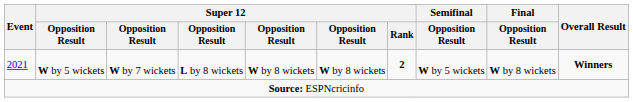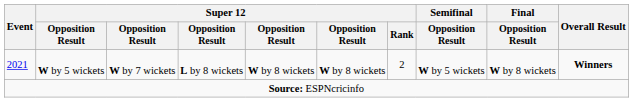 <table class=wikitable style=font-size:90%;text-align:center>
 <tr>
 <th rowspan=2>Event</th>
 <th colspan=6>Super 12</th>
 <th>Semifinal</th>
 <th>Final</th>
 <th rowspan=2>Overall Result</th>
 </tr>
 <tr style=font-size:95%>
 <th>Opposition<br>Result</th>
 <th>Opposition<br>Result</th>
 <th>Opposition<br>Result</th>
 <th>Opposition<br>Result</th>
 <th>Opposition<br>Result</th>
 <th>Rank</th>
 <th>Opposition<br>Result</th>
 <th>Opposition<br>Result</th>
 </tr>
 <tr>
 <td align=left><a href='#'>2021</a></td>
 <td><br><strong>W</strong> by 5 wickets</td>
 <td><br><strong>W</strong> by 7 wickets</td>
 <td><br><strong>L</strong> by 8 wickets</td>
 <td><br><strong>W</strong> by 8 wickets</td>
 <td><br><strong>W</strong> by 8 wickets</td>
-<td><strong>2</strong></td>
+<td>2</td>
 <td><br><strong>W</strong> by 5 wickets</td>
 <td><br><strong>W</strong> by 8 wickets</td>
 <td><strong>Winners</strong></td>
 </tr>
 <tr>
 <td colspan="11"><strong>Source:</strong> ESPNcricinfo</td>
 </tr>
 </table>
